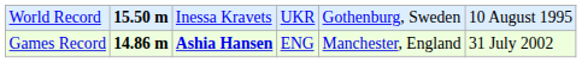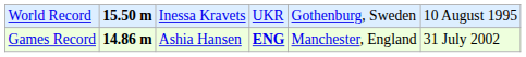 <table class="wikitable">
 <tr bgcolor = "ddeeff">
 <td><a href='#'>World Record</a></td>
 <td><strong>15.50 m</strong></td>
 <td><a href='#'>Inessa Kravets</a></td>
 <td><a href='#'>UKR</a></td>
 <td><a href='#'>Gothenburg</a>, Sweden</td>
 <td>10 August 1995</td>
 </tr>
 <tr bgcolor = "eeffdd">
 <td><a href='#'>Games Record</a></td>
 <td><strong>14.86 m</strong></td>
-<td><strong><a href='#'>Ashia Hansen</a></strong></td>
-<td><a href='#'>ENG</a></td>
+<td><a href='#'>Ashia Hansen</a></td>
+<td><strong><a href='#'>ENG</a></strong></td>
 <td><a href='#'>Manchester</a>, England</td>
 <td>31 July 2002</td>
 </tr>
 </table>
